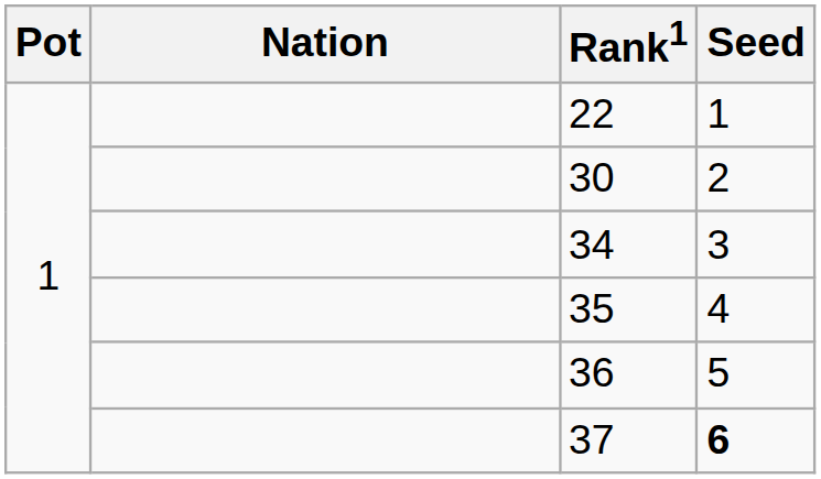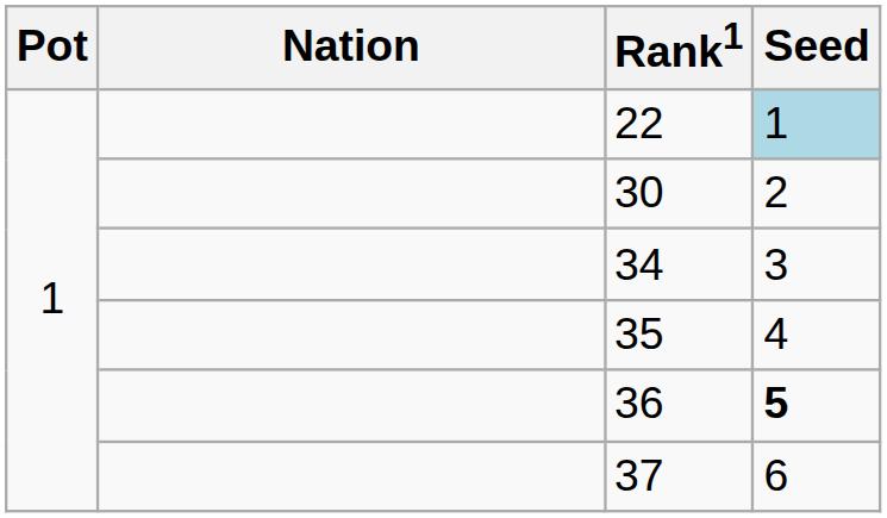 <table class="wikitable">
 <tr>
 <th>Pot</th>
 <th width="175">Nation</th>
 <th>Rank<sup>1</sup></th>
 <th>Seed</th>
 </tr>
 <tr>
 <td rowspan=6 style="text-align:center;">1</td>
 <td></td>
 <td>22</td>
-<td>1</td>
+<td style="background: lightblue;">1</td>
 </tr>
 <tr>
 <td></td>
 <td>30</td>
 <td>2</td>
 </tr>
 <tr>
 <td></td>
 <td>34</td>
 <td>3</td>
 </tr>
 <tr>
 <td></td>
 <td>35</td>
 <td>4</td>
 </tr>
 <tr>
 <td></td>
 <td>36</td>
-<td>5</td>
+<td><strong>5</strong></td>
 </tr>
 <tr>
 <td></td>
 <td>37</td>
-<td><strong>6</strong></td>
+<td>6</td>
 </tr>
 </table>
